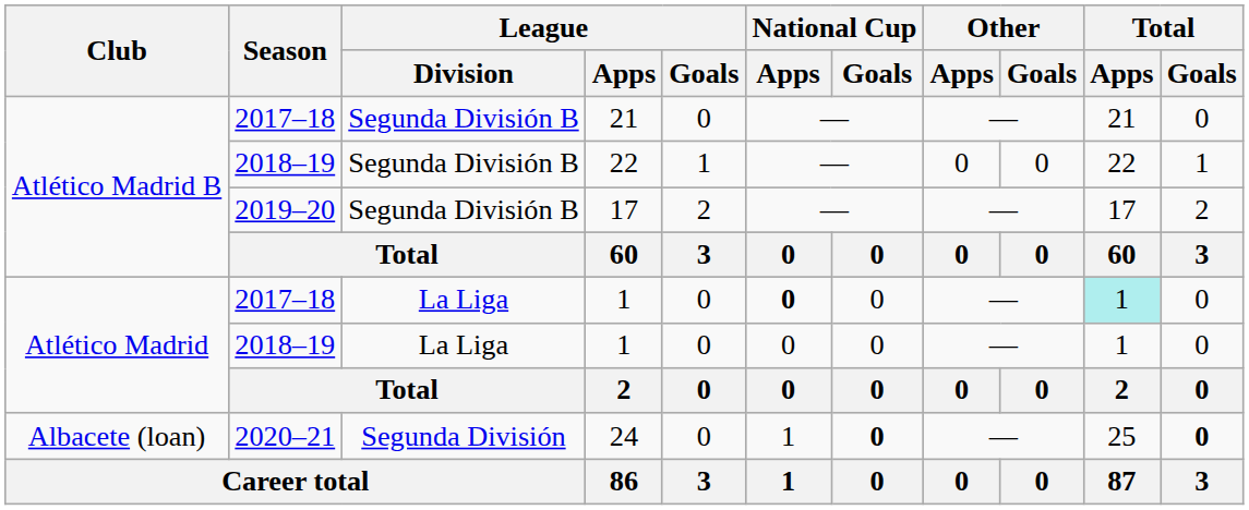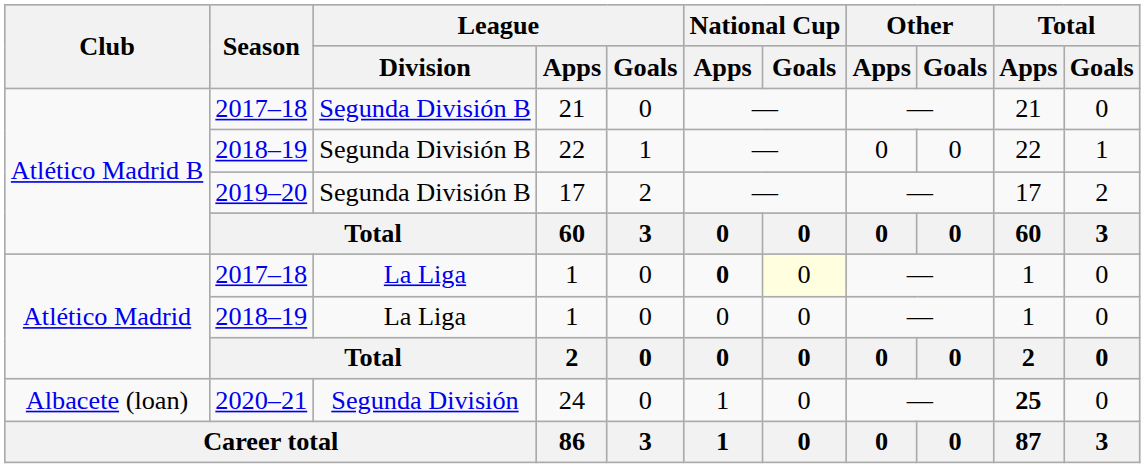 <table class="wikitable" style="text-align:center">
 <tr>
 <th rowspan="2">Club</th>
 <th rowspan="2">Season</th>
 <th colspan="3">League</th>
 <th colspan="2">National Cup</th>
 <th colspan="2">Other</th>
 <th colspan="2">Total</th>
 </tr>
 <tr>
 <th>Division</th>
 <th>Apps</th>
 <th>Goals</th>
 <th>Apps</th>
 <th>Goals</th>
 <th>Apps</th>
 <th>Goals</th>
 <th>Apps</th>
 <th>Goals</th>
 </tr>
 <tr>
 <td rowspan="4"><a href='#'>Atlético Madrid B</a></td>
 <td><a href='#'>2017–18</a></td>
 <td><a href='#'>Segunda División B</a></td>
 <td>21</td>
 <td>0</td>
 <td colspan="2">—</td>
 <td colspan="2">—</td>
 <td>21</td>
 <td>0</td>
 </tr>
 <tr>
 <td><a href='#'>2018–19</a></td>
 <td>Segunda División B</td>
 <td>22</td>
 <td>1</td>
 <td colspan="2">—</td>
 <td>0</td>
 <td>0</td>
 <td>22</td>
 <td>1</td>
 </tr>
 <tr>
 <td><a href='#'>2019–20</a></td>
 <td>Segunda División B</td>
 <td>17</td>
 <td>2</td>
 <td colspan="2">—</td>
 <td colspan="2">—</td>
 <td>17</td>
 <td>2</td>
 </tr>
 <tr>
 <th colspan="2">Total</th>
 <th>60</th>
 <th>3</th>
 <th>0</th>
 <th>0</th>
 <th>0</th>
 <th>0</th>
 <th>60</th>
 <th>3</th>
 </tr>
 <tr>
 <td rowspan="3"><a href='#'>Atlético Madrid</a></td>
 <td><a href='#'>2017–18</a></td>
 <td><a href='#'>La Liga</a></td>
 <td>1</td>
 <td>0</td>
 <td><strong>0</strong></td>
-<td>0</td>
+<td style="background: lightyellow;">0</td>
 <td colspan="2">—</td>
-<td style="background: paleturquoise;">1</td>
+<td>1</td>
 <td>0</td>
 </tr>
 <tr>
 <td><a href='#'>2018–19</a></td>
 <td>La Liga</td>
 <td>1</td>
 <td>0</td>
 <td>0</td>
 <td>0</td>
 <td colspan="2">—</td>
 <td>1</td>
 <td>0</td>
 </tr>
 <tr>
 <th colspan="2">Total</th>
 <th>2</th>
 <th>0</th>
 <th>0</th>
 <th>0</th>
 <th>0</th>
 <th>0</th>
 <th>2</th>
 <th>0</th>
 </tr>
 <tr>
 <td><a href='#'>Albacete</a> (loan)</td>
 <td><a href='#'>2020–21</a></td>
 <td><a href='#'>Segunda División</a></td>
 <td>24</td>
 <td>0</td>
 <td>1</td>
-<td><strong>0</strong></td>
+<td>0</td>
 <td colspan="2">—</td>
-<td>25</td>
-<td><strong>0</strong></td>
+<td><strong>25</strong></td>
+<td>0</td>
 </tr>
 <tr>
 <th colspan="3">Career total</th>
 <th>86</th>
 <th>3</th>
 <th>1</th>
 <th>0</th>
 <th>0</th>
 <th>0</th>
 <th>87</th>
 <th>3</th>
 </tr>
 </table>
